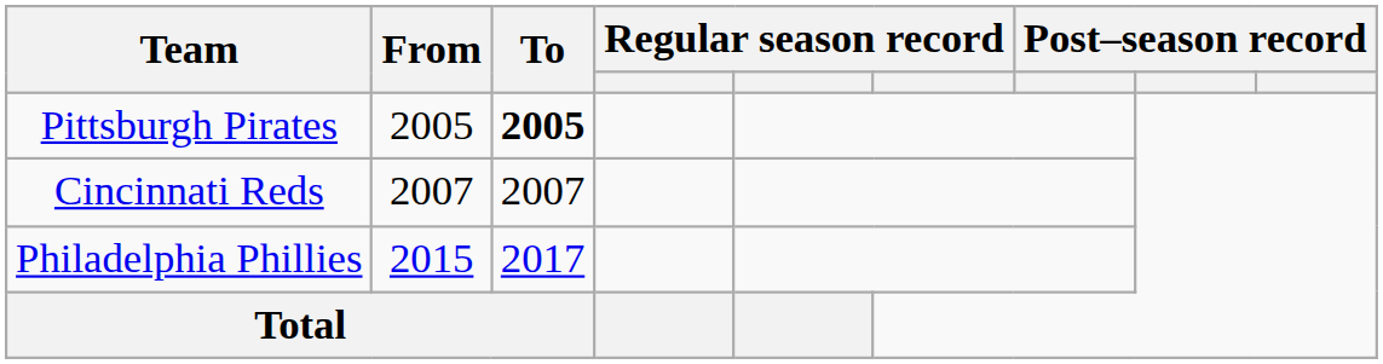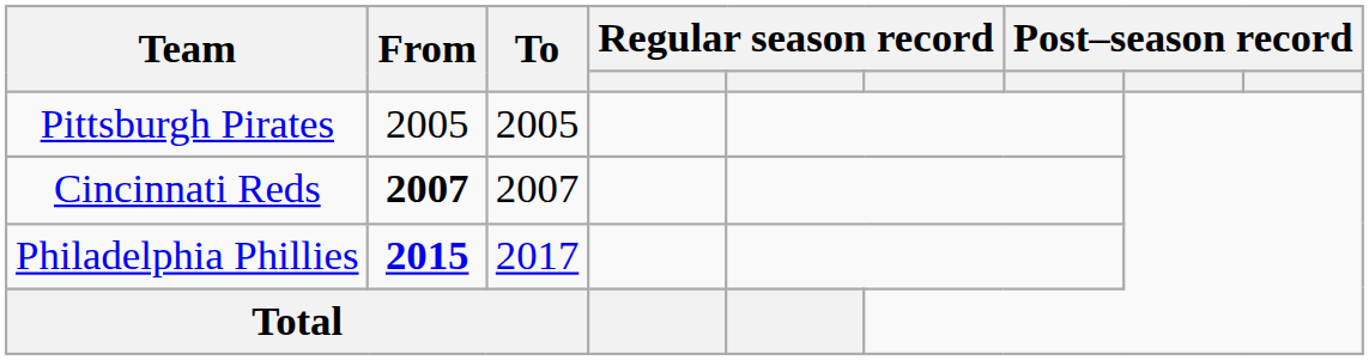 <table class="wikitable" Style="text-align: center">
 <tr>
 <th rowspan="2">Team</th>
 <th rowspan="2">From</th>
 <th rowspan="2">To</th>
 <th colspan="3">Regular season record</th>
 <th colspan="3">Post–season record</th>
 </tr>
 <tr>
 <th></th>
 <th></th>
 <th></th>
 <th></th>
 <th></th>
 <th></th>
 </tr>
 <tr>
 <td><a href='#'>Pittsburgh Pirates</a></td>
 <td>2005</td>
-<td><strong>2005</strong></td>
+<td>2005</td>
 <td></td>
 <td colspan="3"></td>
 </tr>
 <tr>
 <td><a href='#'>Cincinnati Reds</a></td>
-<td>2007</td>
+<td><strong>2007</strong></td>
 <td>2007</td>
 <td></td>
 <td colspan="3"></td>
 </tr>
 <tr>
 <td><a href='#'>Philadelphia Phillies</a></td>
-<td><a href='#'>2015</a></td>
+<td><strong><a href='#'>2015</a></strong></td>
 <td><a href='#'>2017</a></td>
 <td></td>
 <td colspan="3"></td>
 </tr>
 <tr>
 <th colspan="3">Total</th>
 <th></th>
 <th></th>
 </tr>
 </table>
